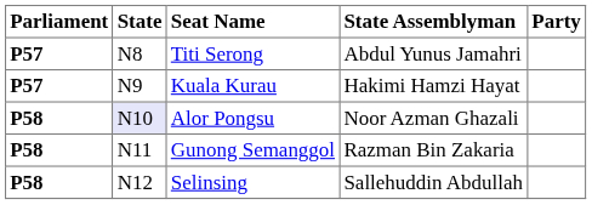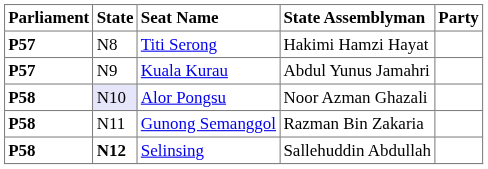 <table class="toccolours sortable" border="1" cellpadding="3" style="border-collapse:collapse; text-align: left;">
 <tr>
 <th align="center">Parliament</th>
 <th>State</th>
 <th>Seat Name</th>
 <th>State Assemblyman</th>
 <th>Party</th>
 </tr>
 <tr>
 <th align="left">P57</th>
 <td>N8</td>
 <td><a href='#'>Titi Serong</a></td>
-<td>Abdul Yunus Jamahri</td>
+<td>Hakimi Hamzi Hayat</td>
 <td></td>
 </tr>
 <tr>
 <th align="left">P57</th>
 <td>N9</td>
 <td><a href='#'>Kuala Kurau</a></td>
-<td>Hakimi Hamzi Hayat</td>
+<td>Abdul Yunus Jamahri</td>
 <td></td>
 </tr>
 <tr>
 <th align="left">P58</th>
 <td style="background: lavender;">N10</td>
 <td><a href='#'>Alor Pongsu</a></td>
 <td>Noor Azman Ghazali</td>
 <td></td>
 </tr>
 <tr>
 <th align="left">P58</th>
 <td>N11</td>
 <td><a href='#'>Gunong Semanggol</a></td>
 <td>Razman Bin Zakaria</td>
 <td></td>
 </tr>
 <tr>
 <th align="left">P58</th>
-<td>N12</td>
+<td><strong>N12</strong></td>
 <td><a href='#'>Selinsing</a></td>
 <td>Sallehuddin Abdullah</td>
 <td></td>
 </tr>
 <tr>
 </tr>
 </table>
